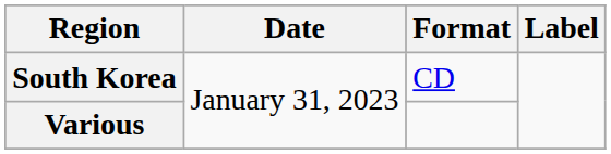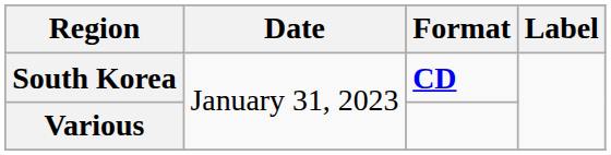 <table class="wikitable plainrowheaders">
 <tr>
 <th scope="col">Region</th>
 <th scope="col">Date</th>
 <th scope="col">Format</th>
 <th scope="col">Label</th>
 </tr>
 <tr>
 <th scope="row">South Korea</th>
 <td rowspan="2">January 31, 2023</td>
-<td><a href='#'>CD</a></td>
+<td><strong><a href='#'>CD</a></strong></td>
 <td rowspan="2"></td>
 </tr>
 <tr>
 <th scope="row">Various </th>
 <td></td>
 </tr>
 </table>
